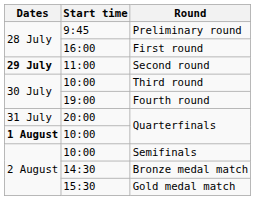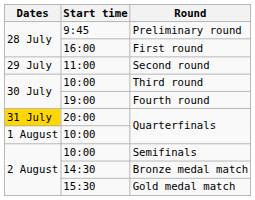 <table class="wikitable">
 <tr>
 <th>Dates</th>
 <th>Start time</th>
 <th>Round</th>
 </tr>
 <tr>
 <td rowspan=2>28 July</td>
 <td>9:45</td>
 <td>Preliminary round</td>
 </tr>
 <tr>
 <td>16:00</td>
 <td>First round</td>
 </tr>
 <tr>
-<td><strong>29 July</strong></td>
+<td>29 July</td>
 <td>11:00</td>
 <td>Second round</td>
 </tr>
 <tr>
 <td rowspan=2>30 July</td>
 <td>10:00</td>
 <td>Third round</td>
 </tr>
 <tr>
 <td>19:00</td>
 <td>Fourth round</td>
 </tr>
 <tr>
-<td>31 July</td>
+<td style="background: gold;">31 July</td>
 <td>20:00</td>
 <td rowspan=2>Quarterfinals</td>
 </tr>
 <tr>
-<td><strong>1 August</strong></td>
+<td>1 August</td>
 <td>10:00</td>
 </tr>
 <tr>
 <td rowspan=3>2 August</td>
 <td>10:00</td>
 <td>Semifinals</td>
 </tr>
 <tr>
 <td>14:30</td>
 <td>Bronze medal match</td>
 </tr>
 <tr>
 <td>15:30</td>
 <td>Gold medal match</td>
 </tr>
 </table>
